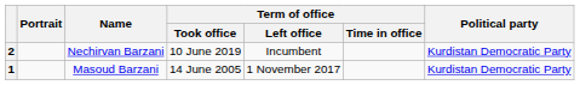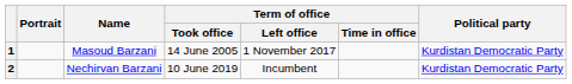 <table class="wikitable" style="text-align:center">
 <tr>
 <th rowspan=2></th>
 <th rowspan=2>Portrait</th>
 <th rowspan=2>Name<br></th>
 <th colspan=3>Term of office</th>
 <th rowspan=2>Political party</th>
 </tr>
 <tr>
 <th>Took office</th>
 <th>Left office</th>
 <th>Time in office</th>
 </tr>
 <tr>
+<th style="background:">1</th>
+<td></td>
+<td><a href='#'>Masoud Barzani</a><br></td>
+<td>14 June 2005</td>
+<td>1 November 2017</td>
+<td></td>
+<td><a href='#'>Kurdistan Democratic Party</a></td>
+</tr>
+<tr>
 <th style="background:">2</th>
 <td></td>
 <td><a href='#'>Nechirvan Barzani</a><br></td>
 <td>10 June 2019</td>
 <td>Incumbent</td>
 <td></td>
 <td><a href='#'>Kurdistan Democratic Party</a></td>
 </tr>
-<tr>
-<th style="background:">1</th>
-<td></td>
-<td><a href='#'>Masoud Barzani</a><br></td>
-<td>14 June 2005</td>
-<td>1 November 2017</td>
-<td></td>
-<td><a href='#'>Kurdistan Democratic Party</a></td>
-</tr>
 </table>
